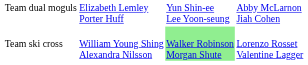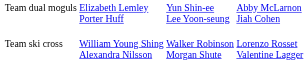 <table>
 <tr>
 <td>Team dual moguls<br></td>
 <td><br><a href='#'>Elizabeth Lemley</a><br><a href='#'>Porter Huff</a></td>
 <td><br><a href='#'>Yun Shin-ee</a><br><a href='#'>Lee Yoon-seung</a></td>
 <td><br><a href='#'>Abby McLarnon</a><br><a href='#'>Jiah Cohen</a></td>
 </tr>
 <tr>
 <td>Team ski cross<br></td>
 <td><br><a href='#'>William Young Shing</a><br><a href='#'>Alexandra Nilsson</a></td>
-<td style="background: lightgreen;"><br><a href='#'>Walker Robinson</a><br><a href='#'>Morgan Shute</a></td>
+<td><br><a href='#'>Walker Robinson</a><br><a href='#'>Morgan Shute</a></td>
 <td><br><a href='#'>Lorenzo Rosset</a><br><a href='#'>Valentine Lagger</a></td>
 </tr>
 </table>
